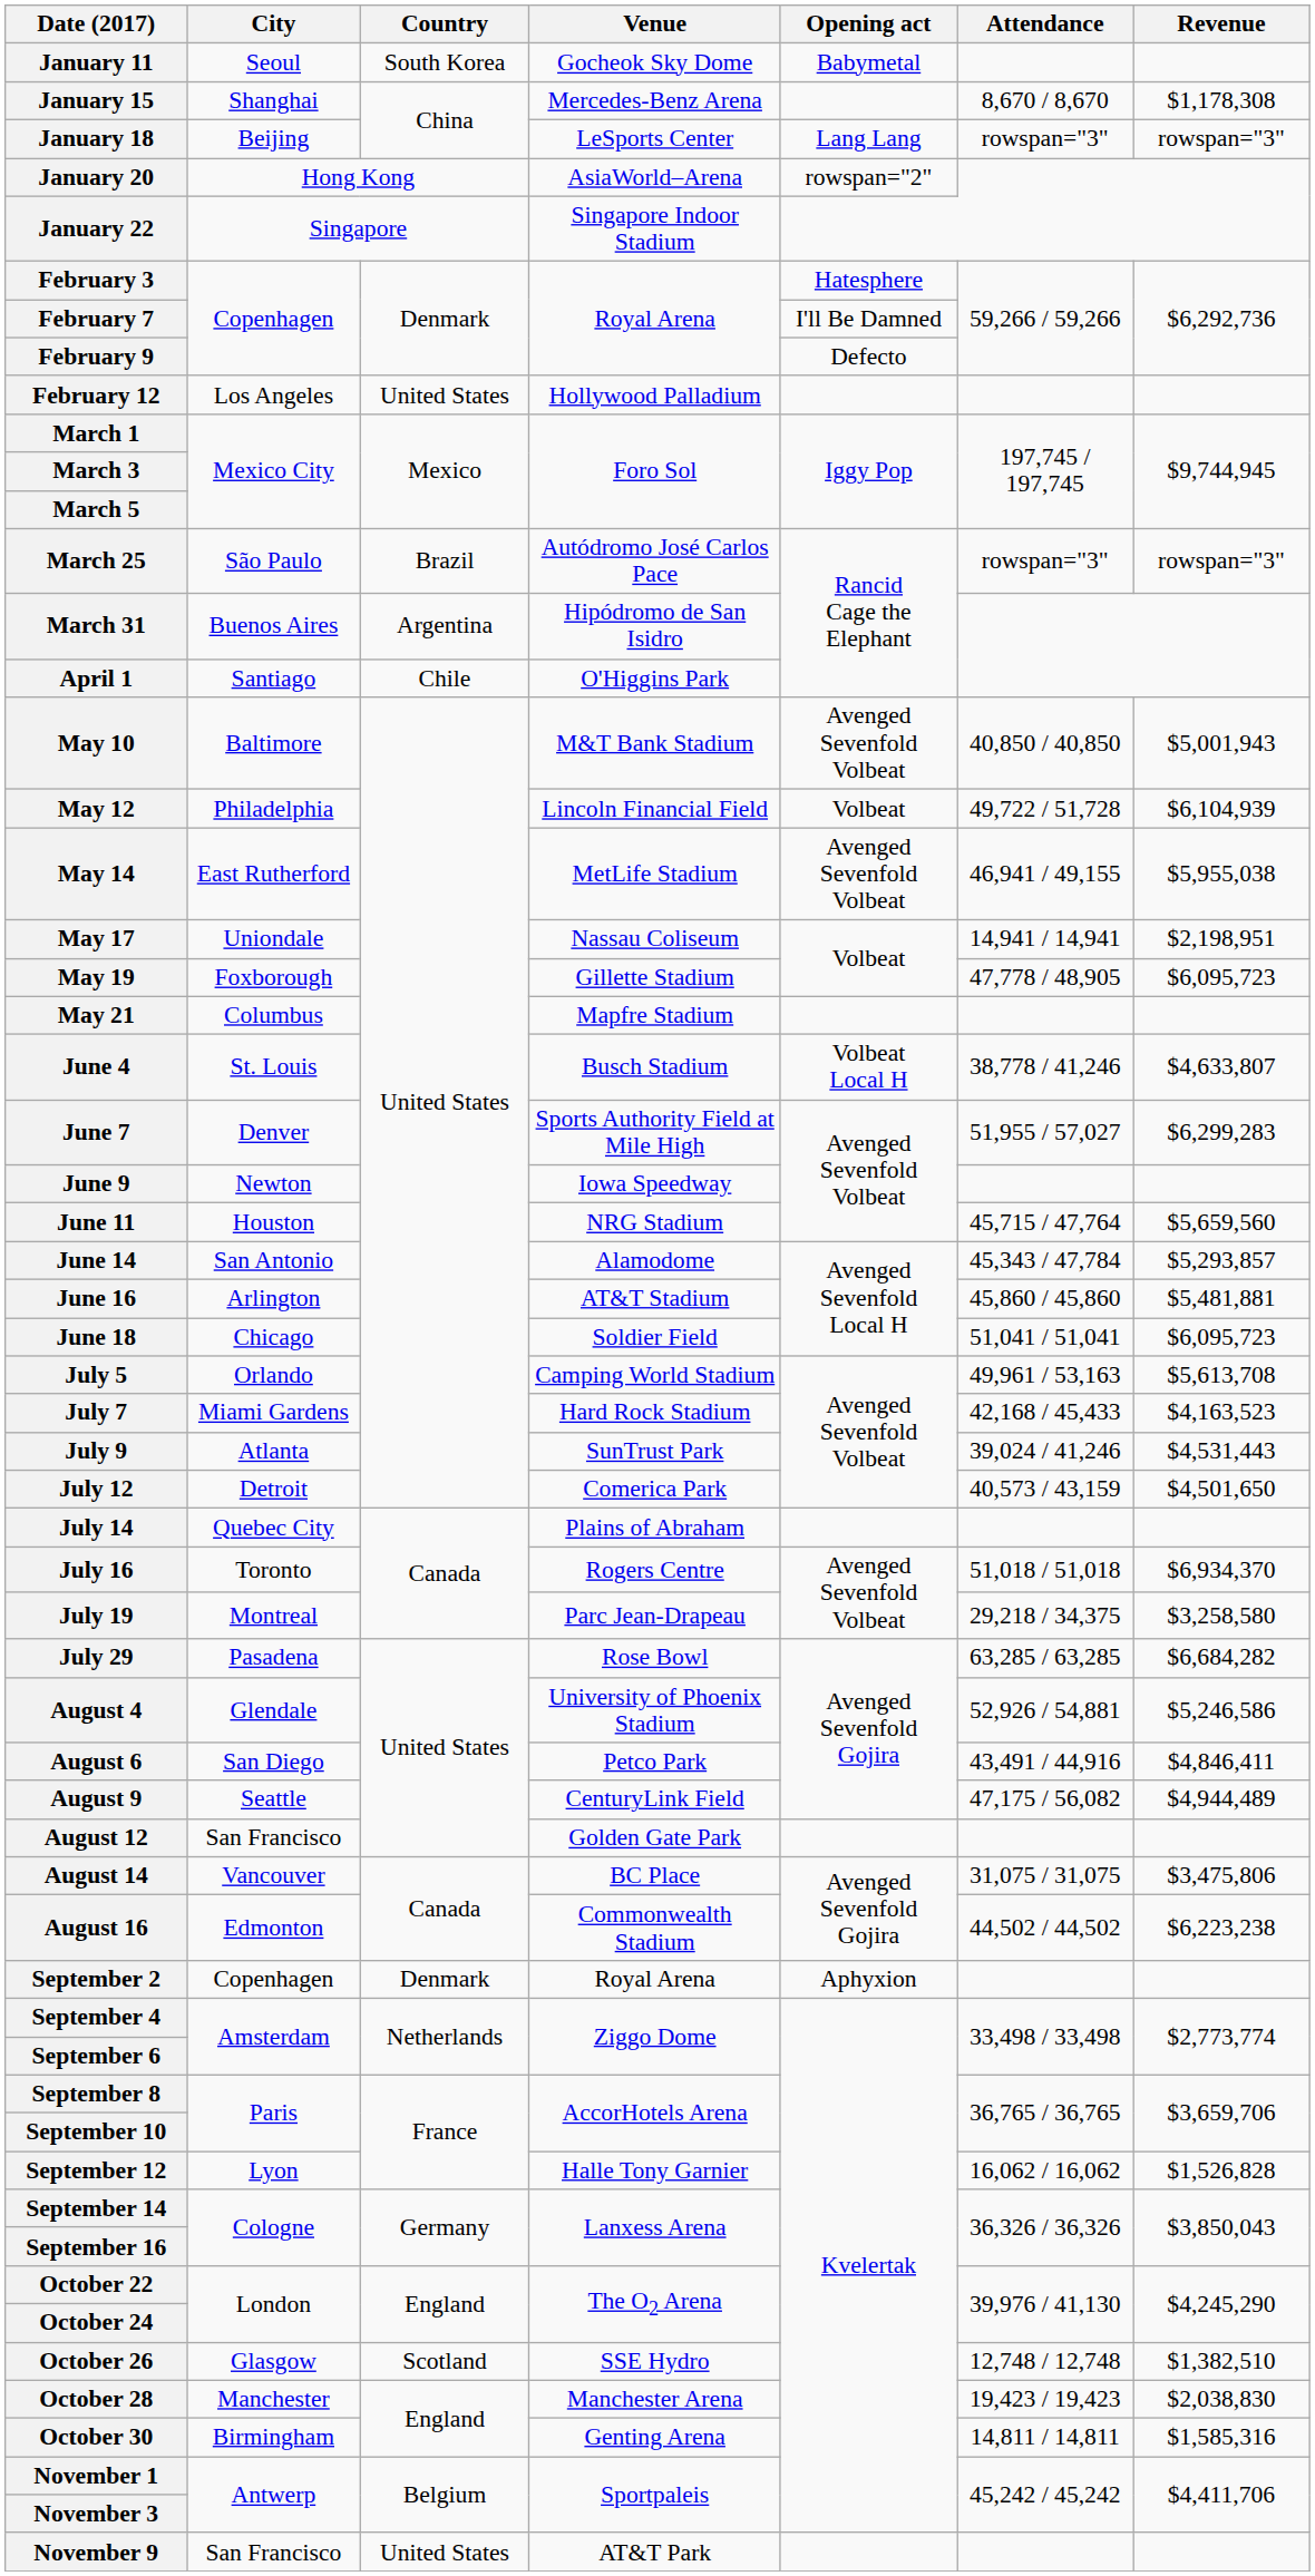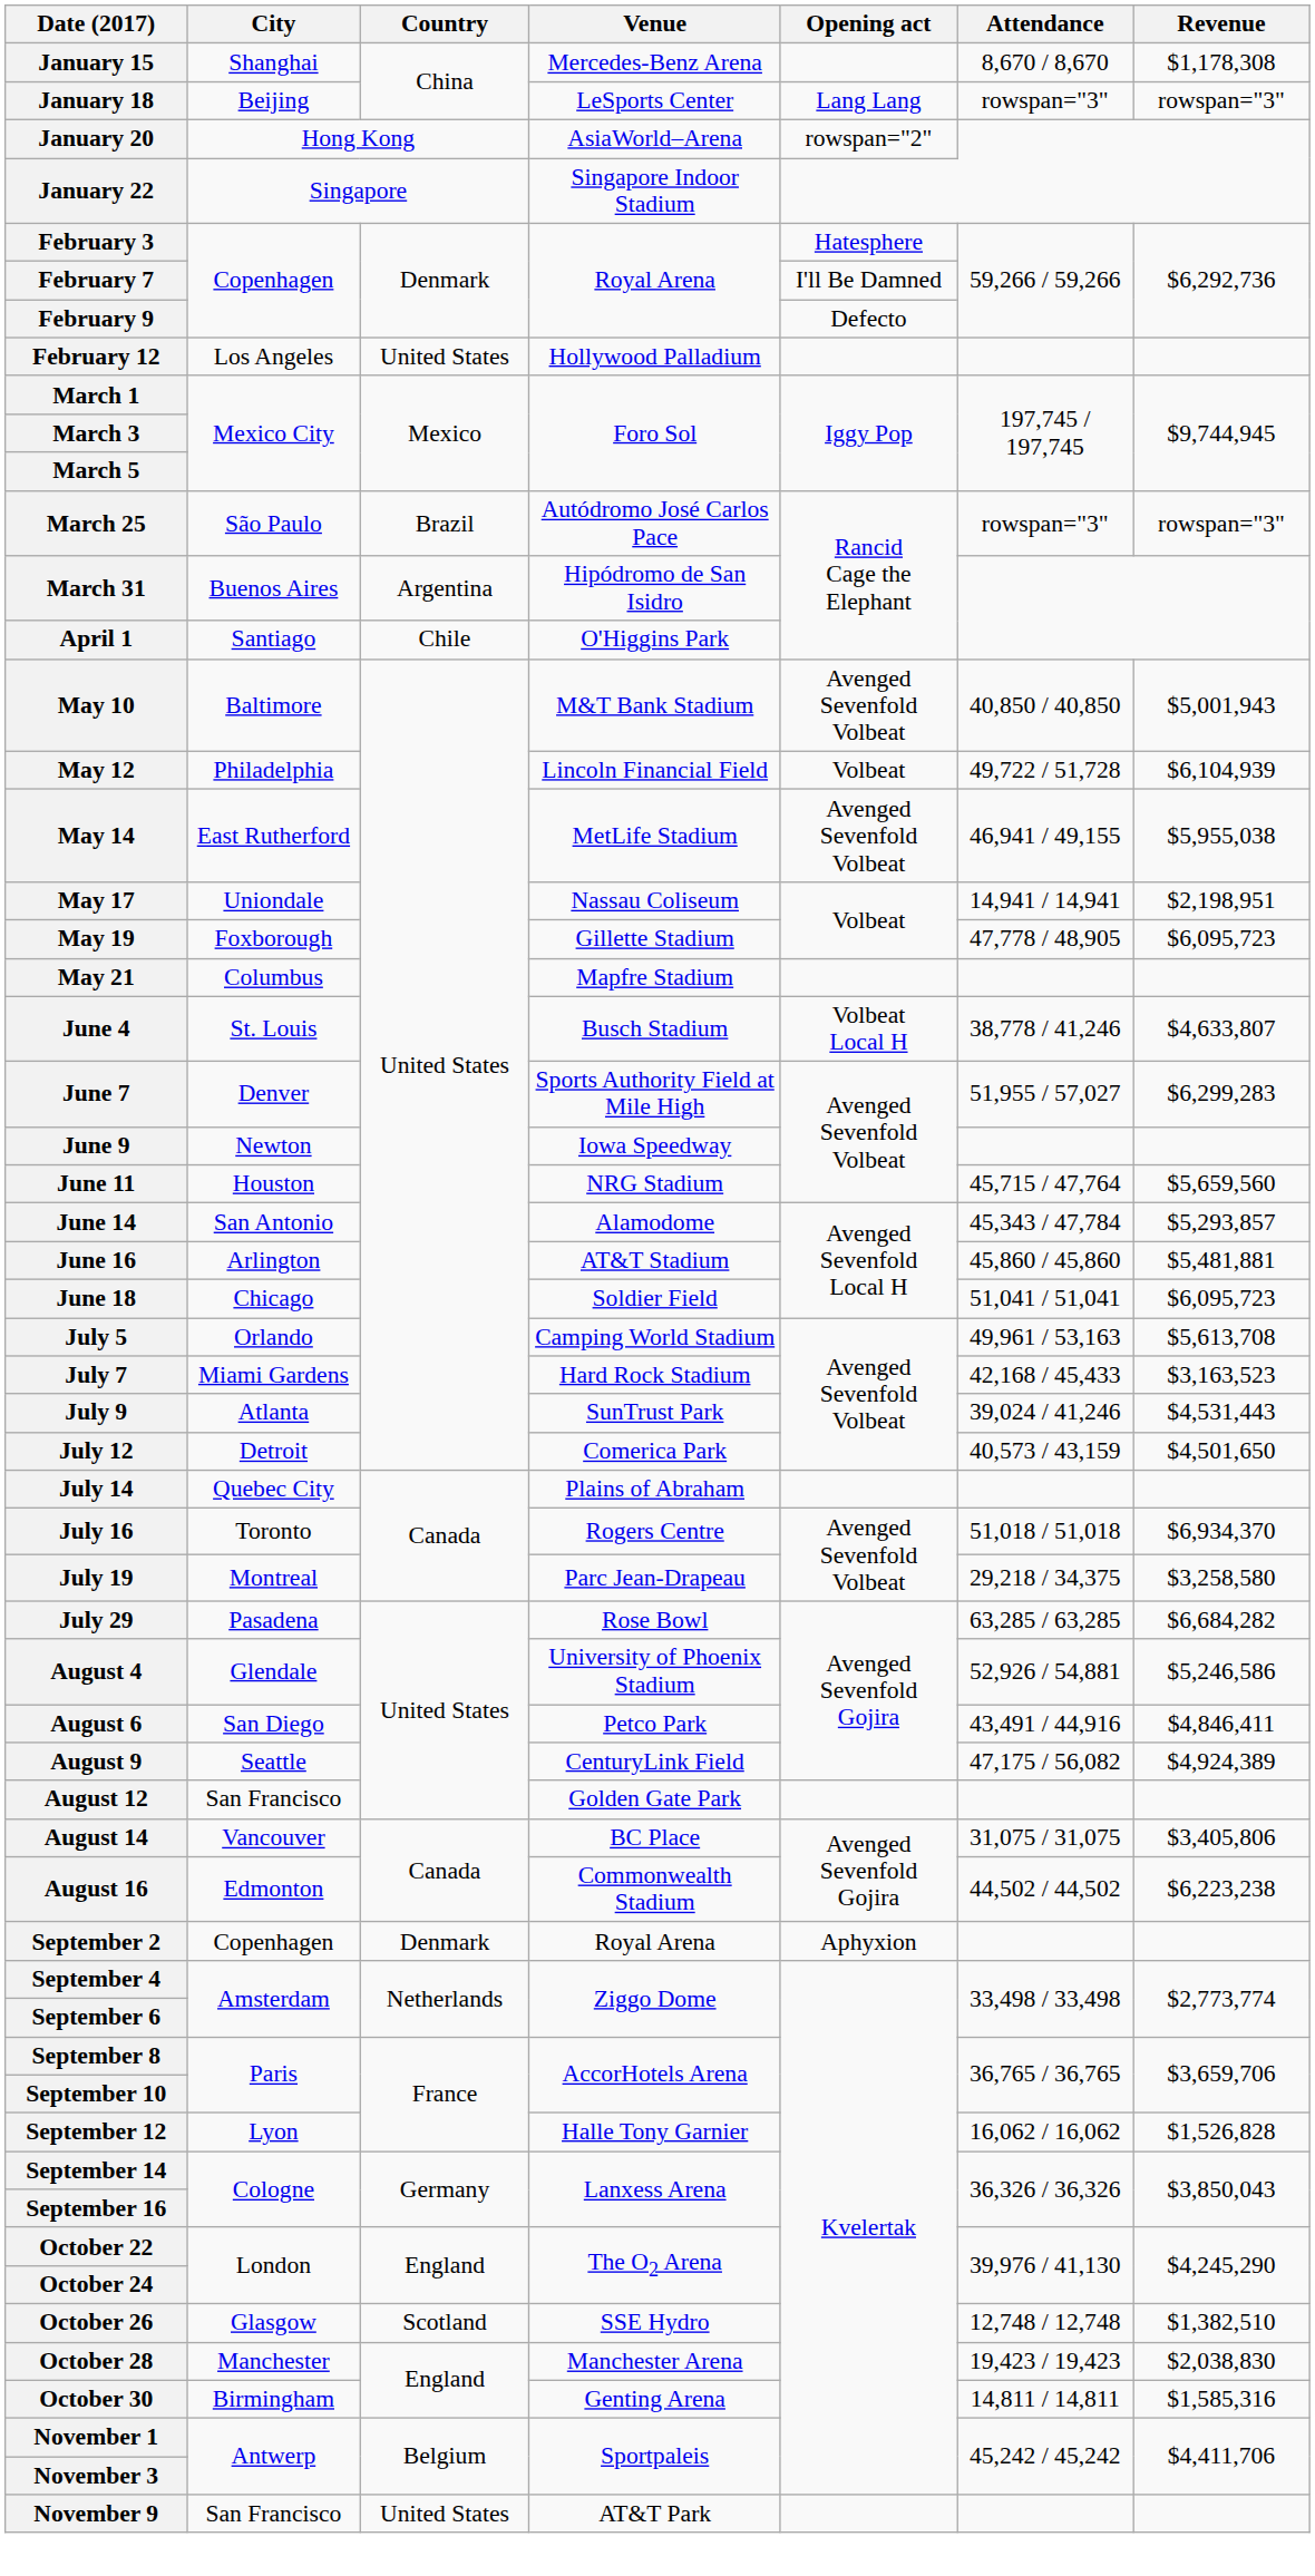 <table class="wikitable plainrowheaders" style="text-align:center;">
 <tr>
 <th scope="col" style="width:12em;">Date (2017)</th>
 <th scope="col" style="width:10em;">City</th>
 <th scope="col" style="width:10em;">Country</th>
 <th scope="col" style="width:17em;">Venue</th>
 <th scope="col" style="width:10em;">Opening act</th>
 <th scope="col" style="width:10em;">Attendance</th>
 <th scope="col" style="width:10em;">Revenue</th>
-</tr>
-<tr>
-<th scope="row" style="text-align:center;">January 11</th>
-<td><a href='#'>Seoul</a></td>
-<td>South Korea</td>
-<td><a href='#'>Gocheok Sky Dome</a></td>
-<td><a href='#'>Babymetal</a></td>
-<td></td>
-<td></td>
 </tr>
 <tr>
 <th scope="row" style="text-align:center;">January 15</th>
 <td><a href='#'>Shanghai</a></td>
 <td rowspan="2">China</td>
 <td><a href='#'>Mercedes-Benz Arena</a></td>
 <td></td>
 <td>8,670 / 8,670</td>
 <td>$1,178,308</td>
 </tr>
 <tr>
 <th scope="row" style="text-align:center;">January 18</th>
 <td><a href='#'>Beijing</a></td>
 <td><a href='#'>LeSports Center</a></td>
 <td><a href='#'>Lang Lang</a></td>
 <td>rowspan="3" </td>
 <td>rowspan="3" </td>
 </tr>
 <tr>
 <th scope="row" style="text-align:center;">January 20</th>
 <td colspan="2"><a href='#'>Hong Kong</a></td>
 <td><a href='#'>AsiaWorld–Arena</a></td>
 <td>rowspan="2" </td>
 </tr>
 <tr>
 <th scope="row" style="text-align:center;">January 22</th>
 <td colspan="2"><a href='#'>Singapore</a></td>
 <td><a href='#'>Singapore Indoor Stadium</a></td>
 </tr>
 <tr>
 <th scope="row" style="text-align:center;">February 3</th>
 <td rowspan="3"><a href='#'>Copenhagen</a></td>
 <td rowspan="3">Denmark</td>
 <td rowspan="3"><a href='#'>Royal Arena</a></td>
 <td><a href='#'>Hatesphere</a></td>
 <td rowspan="3">59,266 / 59,266</td>
 <td rowspan="3">$6,292,736</td>
 </tr>
 <tr>
 <th scope="row" style="text-align:center;">February 7</th>
 <td>I'll Be Damned</td>
 </tr>
 <tr>
 <th scope="row" style="text-align:center;">February 9</th>
 <td>Defecto</td>
 </tr>
 <tr>
 <th scope="row" style="text-align:center;">February 12</th>
 <td>Los Angeles</td>
 <td>United States</td>
 <td><a href='#'>Hollywood Palladium</a></td>
 <td></td>
 <td></td>
 <td></td>
 </tr>
 <tr>
 <th scope="row" style="text-align:center;">March 1</th>
 <td rowspan="3"><a href='#'>Mexico City</a></td>
 <td rowspan="3">Mexico</td>
 <td rowspan="3"><a href='#'>Foro Sol</a></td>
 <td rowspan="3"><a href='#'>Iggy Pop</a></td>
 <td rowspan="3">197,745 / 197,745</td>
 <td rowspan="3">$9,744,945</td>
 </tr>
 <tr>
 <th scope="row" style="text-align:center;">March 3</th>
 </tr>
 <tr>
 <th scope="row" style="text-align:center;">March 5</th>
 </tr>
 <tr>
 <th scope="row" style="text-align:center;">March 25</th>
 <td><a href='#'>São Paulo</a></td>
 <td>Brazil</td>
 <td><a href='#'>Autódromo José Carlos Pace</a></td>
 <td rowspan="3"><a href='#'>Rancid</a><br>Cage the Elephant</td>
 <td>rowspan="3" </td>
 <td>rowspan="3" </td>
 </tr>
 <tr>
 <th scope="row" style="text-align:center;">March 31</th>
 <td><a href='#'>Buenos Aires</a></td>
 <td>Argentina</td>
 <td><a href='#'>Hipódromo de San Isidro</a></td>
 </tr>
 <tr>
 <th scope="row" style="text-align:center;">April 1</th>
 <td><a href='#'>Santiago</a></td>
 <td>Chile</td>
 <td><a href='#'>O'Higgins Park</a></td>
 </tr>
 <tr>
 <th scope="row" style="text-align:center;">May 10</th>
 <td><a href='#'>Baltimore</a></td>
 <td rowspan="17">United States</td>
 <td><a href='#'>M&T Bank Stadium</a></td>
 <td>Avenged Sevenfold<br>Volbeat</td>
 <td>40,850 / 40,850</td>
 <td>$5,001,943</td>
 </tr>
 <tr>
 <th scope="row" style="text-align:center;">May 12</th>
 <td><a href='#'>Philadelphia</a></td>
 <td><a href='#'>Lincoln Financial Field</a></td>
 <td>Volbeat</td>
 <td>49,722 / 51,728</td>
 <td>$6,104,939</td>
 </tr>
 <tr>
 <th scope="row" style="text-align:center;">May 14</th>
 <td><a href='#'>East Rutherford</a></td>
 <td><a href='#'>MetLife Stadium</a></td>
 <td>Avenged Sevenfold<br>Volbeat</td>
 <td>46,941 / 49,155</td>
 <td>$5,955,038</td>
 </tr>
 <tr>
 <th scope="row" style="text-align:center;">May 17</th>
 <td><a href='#'>Uniondale</a></td>
 <td><a href='#'>Nassau Coliseum</a></td>
 <td rowspan="2">Volbeat</td>
 <td>14,941 / 14,941</td>
 <td>$2,198,951</td>
 </tr>
 <tr>
 <th scope="row" style="text-align:center;">May 19</th>
 <td><a href='#'>Foxborough</a></td>
 <td><a href='#'>Gillette Stadium</a></td>
 <td>47,778 / 48,905</td>
 <td>$6,095,723</td>
 </tr>
 <tr>
 <th scope="row" style="text-align:center;">May 21</th>
 <td><a href='#'>Columbus</a></td>
 <td><a href='#'>Mapfre Stadium</a></td>
 <td></td>
 <td></td>
 <td></td>
 </tr>
 <tr>
 <th scope="row" style="text-align:center;">June 4</th>
 <td><a href='#'>St. Louis</a></td>
 <td><a href='#'>Busch Stadium</a></td>
 <td>Volbeat<br><a href='#'>Local H</a></td>
 <td>38,778 / 41,246</td>
 <td>$4,633,807</td>
 </tr>
 <tr>
 <th scope="row" style="text-align:center;">June 7</th>
 <td><a href='#'>Denver</a></td>
 <td><a href='#'>Sports Authority Field at Mile High</a></td>
 <td rowspan="3">Avenged Sevenfold<br>Volbeat</td>
 <td>51,955 / 57,027</td>
 <td>$6,299,283</td>
 </tr>
 <tr>
 <th scope="row" style="text-align:center;">June 9</th>
 <td><a href='#'>Newton</a></td>
 <td><a href='#'>Iowa Speedway</a></td>
 <td></td>
 <td></td>
 </tr>
 <tr>
 <th scope="row" style="text-align:center;">June 11</th>
 <td><a href='#'>Houston</a></td>
 <td><a href='#'>NRG Stadium</a></td>
 <td>45,715 / 47,764</td>
 <td>$5,659,560</td>
 </tr>
 <tr>
 <th scope="row" style="text-align:center;">June 14</th>
 <td><a href='#'>San Antonio</a></td>
 <td><a href='#'>Alamodome</a></td>
 <td rowspan="3">Avenged Sevenfold<br>Local H</td>
 <td>45,343 / 47,784</td>
 <td>$5,293,857</td>
 </tr>
 <tr>
 <th scope="row" style="text-align:center;">June 16</th>
 <td><a href='#'>Arlington</a></td>
 <td><a href='#'>AT&T Stadium</a></td>
 <td>45,860 / 45,860</td>
 <td>$5,481,881</td>
 </tr>
 <tr>
 <th scope="row" style="text-align:center;">June 18</th>
 <td><a href='#'>Chicago</a></td>
 <td><a href='#'>Soldier Field</a></td>
 <td>51,041 / 51,041</td>
 <td>$6,095,723</td>
 </tr>
 <tr>
 <th scope="row" style="text-align:center;">July 5</th>
 <td><a href='#'>Orlando</a></td>
 <td><a href='#'>Camping World Stadium</a></td>
 <td rowspan="4">Avenged Sevenfold<br>Volbeat</td>
 <td>49,961 / 53,163</td>
 <td>$5,613,708</td>
 </tr>
 <tr>
 <th scope="row" style="text-align:center;">July 7</th>
 <td><a href='#'>Miami Gardens</a></td>
 <td><a href='#'>Hard Rock Stadium</a></td>
 <td>42,168 / 45,433</td>
-<td>$4,163,523</td>
+<td>$3,163,523</td>
 </tr>
 <tr>
 <th scope="row" style="text-align:center;">July 9</th>
 <td><a href='#'>Atlanta</a></td>
 <td><a href='#'>SunTrust Park</a></td>
 <td>39,024 / 41,246</td>
 <td>$4,531,443</td>
 </tr>
 <tr>
 <th scope="row" style="text-align:center;">July 12</th>
 <td><a href='#'>Detroit</a></td>
 <td><a href='#'>Comerica Park</a></td>
 <td>40,573 / 43,159</td>
 <td>$4,501,650</td>
 </tr>
 <tr>
 <th scope="row" style="text-align:center;">July 14</th>
 <td><a href='#'>Quebec City</a></td>
 <td rowspan="3">Canada</td>
 <td><a href='#'>Plains of Abraham</a></td>
 <td></td>
 <td></td>
 <td></td>
 </tr>
 <tr>
 <th scope="row" style="text-align:center;">July 16</th>
 <td>Toronto</td>
 <td><a href='#'>Rogers Centre</a></td>
 <td rowspan="2">Avenged Sevenfold<br>Volbeat</td>
 <td>51,018 / 51,018</td>
 <td>$6,934,370</td>
 </tr>
 <tr>
 <th scope="row" style="text-align:center;">July 19</th>
 <td><a href='#'>Montreal</a></td>
 <td><a href='#'>Parc Jean-Drapeau</a></td>
 <td>29,218 / 34,375</td>
 <td>$3,258,580</td>
 </tr>
 <tr>
 <th scope="row" style="text-align:center;">July 29</th>
 <td><a href='#'>Pasadena</a></td>
 <td rowspan="5">United States</td>
 <td><a href='#'>Rose Bowl</a></td>
 <td rowspan="4">Avenged Sevenfold<br><a href='#'>Gojira</a></td>
 <td>63,285 / 63,285</td>
 <td>$6,684,282</td>
 </tr>
 <tr>
 <th scope="row" style="text-align:center;">August 4</th>
 <td><a href='#'>Glendale</a></td>
 <td><a href='#'>University of Phoenix Stadium</a></td>
 <td>52,926 / 54,881</td>
 <td>$5,246,586</td>
 </tr>
 <tr>
 <th scope="row" style="text-align:center;">August 6</th>
 <td><a href='#'>San Diego</a></td>
 <td><a href='#'>Petco Park</a></td>
 <td>43,491 / 44,916</td>
 <td>$4,846,411</td>
 </tr>
 <tr>
 <th scope="row" style="text-align:center;">August 9</th>
 <td><a href='#'>Seattle</a></td>
 <td><a href='#'>CenturyLink Field</a></td>
 <td>47,175 / 56,082</td>
-<td>$4,944,489</td>
+<td>$4,924,389</td>
 </tr>
 <tr>
 <th scope="row" style="text-align:center;">August 12</th>
 <td>San Francisco</td>
 <td><a href='#'>Golden Gate Park</a></td>
 <td></td>
 <td></td>
 <td></td>
 </tr>
 <tr>
 <th scope="row" style="text-align:center;">August 14</th>
 <td><a href='#'>Vancouver</a></td>
 <td rowspan="2">Canada</td>
 <td><a href='#'>BC Place</a></td>
 <td rowspan="2">Avenged Sevenfold<br>Gojira</td>
 <td>31,075 / 31,075</td>
-<td>$3,475,806</td>
+<td>$3,405,806</td>
 </tr>
 <tr>
 <th scope="row" style="text-align:center;">August 16</th>
 <td><a href='#'>Edmonton</a></td>
 <td><a href='#'>Commonwealth Stadium</a></td>
 <td>44,502 / 44,502</td>
 <td>$6,223,238</td>
 </tr>
 <tr>
 <th scope="row" style="text-align:center;">September 2</th>
 <td>Copenhagen</td>
 <td>Denmark</td>
 <td>Royal Arena</td>
 <td>Aphyxion</td>
 <td></td>
 <td></td>
 </tr>
 <tr>
 <th scope="row" style="text-align:center;">September 4</th>
 <td rowspan="2"><a href='#'>Amsterdam</a></td>
 <td rowspan="2">Netherlands</td>
 <td rowspan="2"><a href='#'>Ziggo Dome</a></td>
 <td rowspan="14"><a href='#'>Kvelertak</a></td>
 <td rowspan="2">33,498 / 33,498</td>
 <td rowspan="2">$2,773,774</td>
 </tr>
 <tr>
 <th scope="row" style="text-align:center;">September 6</th>
 </tr>
 <tr>
 <th scope="row" style="text-align:center;">September 8</th>
 <td rowspan="2"><a href='#'>Paris</a></td>
 <td rowspan="3">France</td>
 <td rowspan="2"><a href='#'>AccorHotels Arena</a></td>
 <td rowspan="2">36,765 / 36,765</td>
 <td rowspan="2">$3,659,706</td>
 </tr>
 <tr>
 <th scope="row" style="text-align:center;">September 10</th>
 </tr>
 <tr>
 <th scope="row" style="text-align:center;">September 12</th>
 <td><a href='#'>Lyon</a></td>
 <td><a href='#'>Halle Tony Garnier</a></td>
 <td>16,062 / 16,062</td>
 <td>$1,526,828</td>
 </tr>
 <tr>
 <th scope="row" style="text-align:center;">September 14</th>
 <td rowspan="2"><a href='#'>Cologne</a></td>
 <td rowspan="2">Germany</td>
 <td rowspan="2"><a href='#'>Lanxess Arena</a></td>
 <td rowspan="2">36,326 / 36,326</td>
 <td rowspan="2">$3,850,043</td>
 </tr>
 <tr>
 <th scope="row" style="text-align:center;">September 16</th>
 </tr>
 <tr>
 <th scope="row" style="text-align:center;">October 22</th>
 <td rowspan="2">London</td>
 <td rowspan="2">England</td>
 <td rowspan="2"><a href='#'>The O<sub>2</sub> Arena</a></td>
 <td rowspan="2">39,976 / 41,130</td>
 <td rowspan="2">$4,245,290</td>
 </tr>
 <tr>
 <th scope="row" style="text-align:center;">October 24</th>
 </tr>
 <tr>
 <th scope="row" style="text-align:center;">October 26</th>
 <td><a href='#'>Glasgow</a></td>
 <td>Scotland</td>
 <td><a href='#'>SSE Hydro</a></td>
 <td>12,748 / 12,748</td>
 <td>$1,382,510</td>
 </tr>
 <tr>
 <th scope="row" style="text-align:center;">October 28</th>
 <td><a href='#'>Manchester</a></td>
 <td rowspan="2">England</td>
 <td><a href='#'>Manchester Arena</a></td>
 <td>19,423 / 19,423</td>
 <td>$2,038,830</td>
 </tr>
 <tr>
 <th scope="row" style="text-align:center;">October 30</th>
 <td><a href='#'>Birmingham</a></td>
 <td><a href='#'>Genting Arena</a></td>
 <td>14,811 / 14,811</td>
 <td>$1,585,316</td>
 </tr>
 <tr>
 <th scope="row" style="text-align:center;">November 1</th>
 <td rowspan="2"><a href='#'>Antwerp</a></td>
 <td rowspan="2">Belgium</td>
 <td rowspan="2"><a href='#'>Sportpaleis</a></td>
 <td rowspan="2">45,242 / 45,242</td>
 <td rowspan="2">$4,411,706</td>
 </tr>
 <tr>
 <th scope="row" style="text-align:center;">November 3</th>
 </tr>
 <tr>
 <th scope="row" style="text-align:center;">November 9</th>
 <td>San Francisco</td>
 <td>United States</td>
 <td>AT&T Park</td>
 <td></td>
 <td></td>
 <td></td>
 </tr>
 </table>
